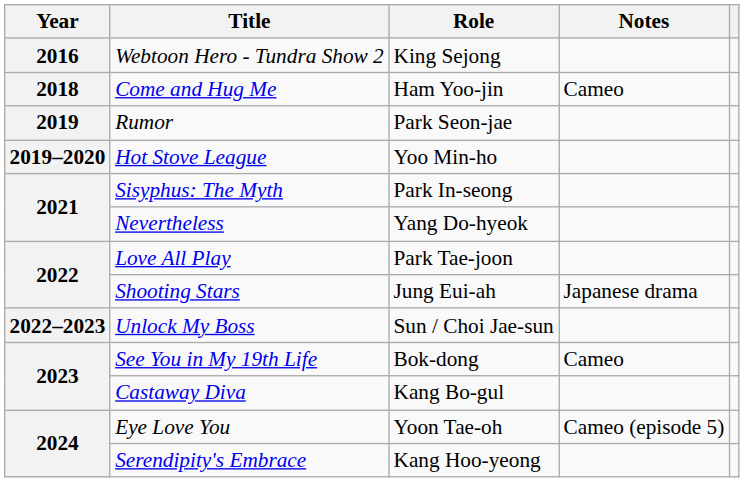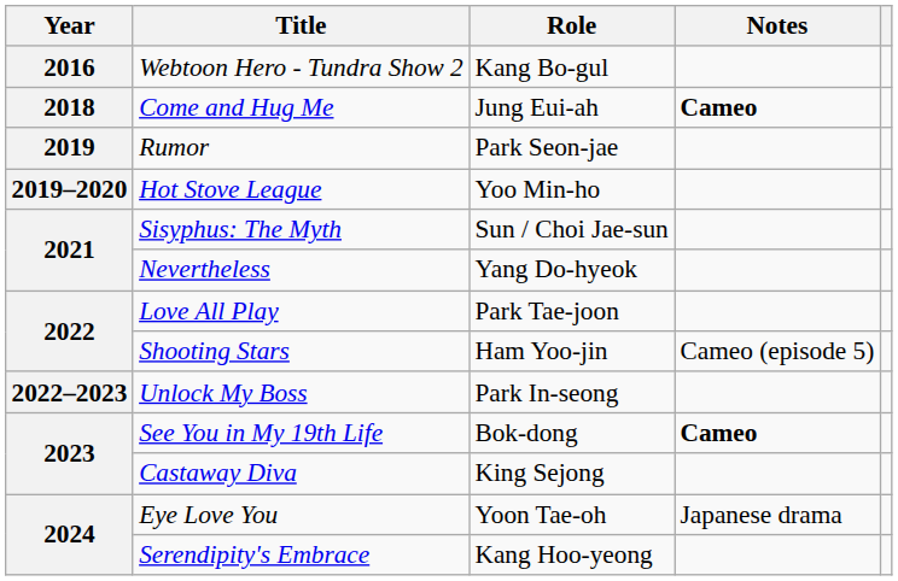 <table class="wikitable plainrowheaders sortable">
 <tr>
 <th scope="col">Year</th>
 <th scope="col">Title</th>
 <th scope="col">Role</th>
 <th scope="col">Notes</th>
 <th scope="col"></th>
 </tr>
 <tr>
 <th scope="row">2016</th>
 <td><em>Webtoon Hero - Tundra Show 2</em></td>
-<td>King Sejong</td>
+<td>Kang Bo-gul</td>
 <td></td>
 <td style="text-align:center"></td>
 </tr>
 <tr>
 <th scope="row">2018</th>
 <td><em><a href='#'>Come and Hug Me</a></em></td>
-<td>Ham Yoo-jin</td>
-<td>Cameo</td>
+<td>Jung Eui-ah</td>
+<td><strong>Cameo</strong></td>
 <td style="text-align:center"></td>
 </tr>
 <tr>
 <th scope="row">2019</th>
 <td><em>Rumor</em></td>
 <td>Park Seon-jae</td>
 <td></td>
 <td style="text-align:center"></td>
 </tr>
 <tr>
 <th scope="row">2019–2020</th>
 <td><em><a href='#'>Hot Stove League</a></em></td>
 <td>Yoo Min-ho</td>
 <td></td>
 <td style="text-align:center"></td>
 </tr>
 <tr>
 <th scope="row"  rowspan="2">2021</th>
 <td><em><a href='#'>Sisyphus: The Myth</a></em></td>
-<td>Park In-seong</td>
+<td>Sun / Choi Jae-sun</td>
 <td></td>
 <td style="text-align:center"></td>
 </tr>
 <tr>
 <td><em><a href='#'>Nevertheless</a></em></td>
 <td>Yang Do-hyeok</td>
 <td></td>
 <td style="text-align:center"></td>
 </tr>
 <tr>
 <th scope="row" rowspan="2">2022</th>
 <td><em><a href='#'>Love All Play</a></em></td>
 <td>Park Tae-joon</td>
 <td></td>
 <td style="text-align:center"></td>
 </tr>
 <tr>
 <td><em><a href='#'>Shooting Stars</a></em></td>
-<td>Jung Eui-ah</td>
-<td>Japanese drama</td>
+<td>Ham Yoo-jin</td>
+<td>Cameo (episode 5)</td>
 <td style="text-align:center"></td>
 </tr>
 <tr>
 <th scope="row">2022–2023</th>
 <td><em><a href='#'>Unlock My Boss</a></em></td>
-<td>Sun / Choi Jae-sun</td>
+<td>Park In-seong</td>
 <td></td>
 <td style="text-align:center"></td>
 </tr>
 <tr>
 <th scope="row" rowspan="2">2023</th>
 <td><em><a href='#'>See You in My 19th Life</a></em></td>
 <td>Bok-dong</td>
-<td>Cameo</td>
+<td><strong>Cameo</strong></td>
 <td style="text-align:center"></td>
 </tr>
 <tr>
 <td><em><a href='#'>Castaway Diva</a></em></td>
-<td>Kang Bo-gul</td>
+<td>King Sejong</td>
 <td></td>
 <td style="text-align:center"></td>
 </tr>
 <tr>
 <th scope="row" rowspan="2">2024</th>
 <td><em>Eye Love You</em></td>
 <td>Yoon Tae-oh</td>
-<td>Cameo (episode 5)</td>
+<td>Japanese drama</td>
 <td style="text-align:center"></td>
 </tr>
 <tr>
 <td><em><a href='#'>Serendipity's Embrace</a></em></td>
 <td>Kang Hoo-yeong</td>
 <td></td>
 <td style="text-align:center"></td>
 </tr>
 </table>
